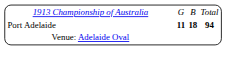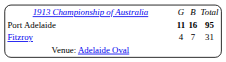 <table style="margin-right:4px; margin-top:8px; float:right; border:1px #000 solid; border-radius:8px; background:#fff; font-family:Verdana; font-size:8pt; text-align:center;">
 <tr>
 <td width=200><em><a href='#'>1913 Championship of Australia</a></em></td>
 <td><em>G</em></td>
 <td><em>B</em></td>
 <td><em>Total</em></td>
 </tr>
 <tr>
 <td style="text-align:left">Port Adelaide</td>
 <td><strong>11</strong></td>
-<td><strong>18</strong></td>
-<td><strong>94</strong></td>
+<td><strong>16</strong></td>
+<td><strong>95</strong></td>
+</tr>
+<tr>
+<td style="text-align:left"><a href='#'>Fitzroy</a></td>
+<td>4</td>
+<td>7</td>
+<td>31</td>
 </tr>
 <tr>
 <td>Venue: <a href='#'>Adelaide Oval</a></td>
 <td colspan=3></td>
 </tr>
 </table>
